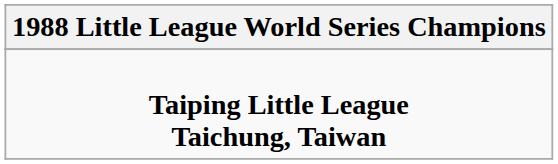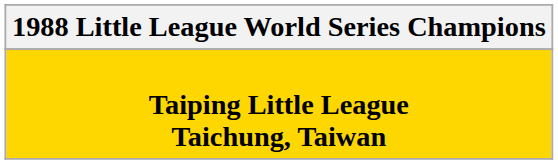 <table class="wikitable" style="text-align: center; margin: 0 auto;">
 <tr>
 <th>1988 Little League World Series Champions</th>
 </tr>
 <tr>
 </tr>
 <tr>
-<td><br><strong>Taiping Little League</strong><br><strong>Taichung, Taiwan</strong></td>
+<td style="background: gold;"><br><strong>Taiping Little League</strong><br><strong>Taichung, Taiwan</strong></td>
 </tr>
 </table>
